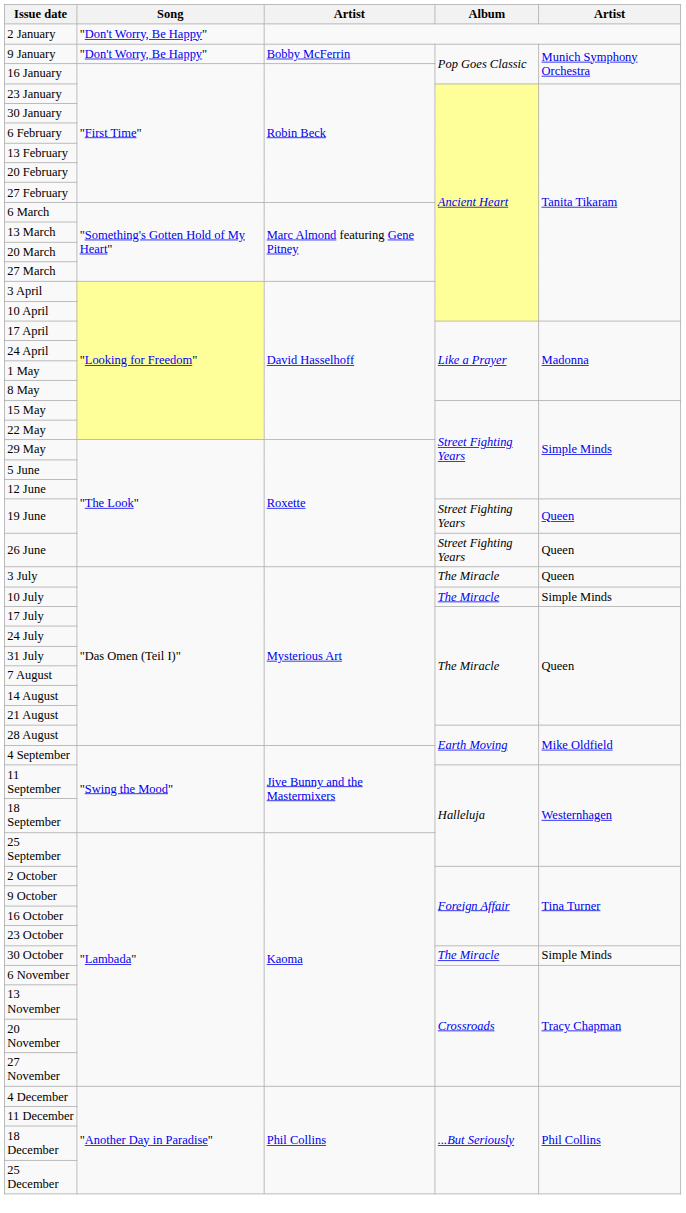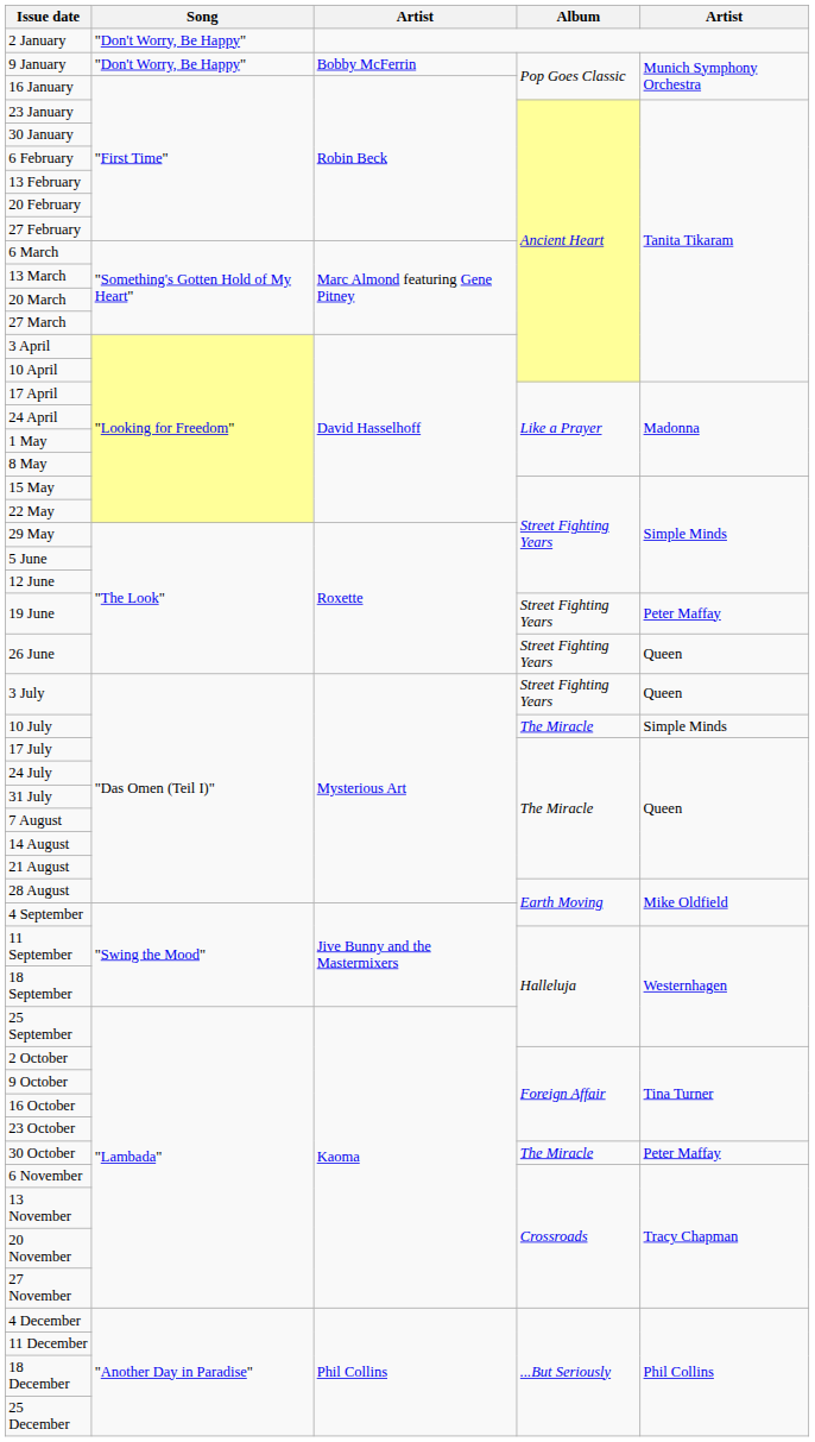 <table class="sortable wikitable">
 <tr>
 <th>Issue date</th>
 <th>Song</th>
 <th>Artist</th>
 <th>Album</th>
 <th>Artist</th>
 </tr>
 <tr>
 <td>2 January</td>
 <td>"<a href='#'>Don't Worry, Be Happy</a>"</td>
 </tr>
 <tr>
 <td>9 January</td>
 <td>"<a href='#'>Don't Worry, Be Happy</a>"</td>
 <td><a href='#'>Bobby McFerrin</a></td>
 <td rowspan="2"><em>Pop Goes Classic</em></td>
 <td rowspan="2"><a href='#'>Munich Symphony Orchestra</a></td>
 </tr>
 <tr>
 <td>16 January</td>
 <td rowspan="7">"<a href='#'>First Time</a>"</td>
 <td rowspan="7"><a href='#'>Robin Beck</a></td>
 </tr>
 <tr>
 <td>23 January</td>
 <td bgcolor=#FFFF99  rowspan="12"><em><a href='#'>Ancient Heart</a></em> </td>
 <td rowspan="12"><a href='#'>Tanita Tikaram</a></td>
 </tr>
 <tr>
 <td>30 January</td>
 </tr>
 <tr>
 <td>6 February</td>
 </tr>
 <tr>
 <td>13 February</td>
 </tr>
 <tr>
 <td>20 February</td>
 </tr>
 <tr>
 <td>27 February</td>
 </tr>
 <tr>
 <td>6 March</td>
 <td rowspan="4">"<a href='#'>Something's Gotten Hold of My Heart</a>"</td>
 <td rowspan="4"><a href='#'>Marc Almond</a> featuring <a href='#'>Gene Pitney</a></td>
 </tr>
 <tr>
 <td>13 March</td>
 </tr>
 <tr>
 <td>20 March</td>
 </tr>
 <tr>
 <td>27 March</td>
 </tr>
 <tr>
 <td>3 April</td>
 <td bgcolor=#FFFF99 rowspan="8">"<a href='#'>Looking for Freedom</a>" </td>
 <td rowspan="8"><a href='#'>David Hasselhoff</a></td>
 </tr>
 <tr>
 <td>10 April</td>
 </tr>
 <tr>
 <td>17 April</td>
 <td rowspan="4"><em><a href='#'>Like a Prayer</a></em></td>
 <td rowspan="4"><a href='#'>Madonna</a></td>
 </tr>
 <tr>
 <td>24 April</td>
 </tr>
 <tr>
 <td>1 May</td>
 </tr>
 <tr>
 <td>8 May</td>
 </tr>
 <tr>
 <td>15 May</td>
 <td rowspan="5"><em><a href='#'>Street Fighting Years</a></em></td>
 <td rowspan="5"><a href='#'>Simple Minds</a></td>
 </tr>
 <tr>
 <td>22 May</td>
 </tr>
 <tr>
 <td>29 May</td>
 <td rowspan="5">"<a href='#'>The Look</a>"</td>
 <td rowspan="5"><a href='#'>Roxette</a></td>
 </tr>
 <tr>
 <td>5 June</td>
 </tr>
 <tr>
 <td>12 June</td>
 </tr>
 <tr>
 <td>19 June</td>
 <td><em>Street Fighting Years</em></td>
-<td><a href='#'>Queen</a></td>
+<td><a href='#'>Peter Maffay</a></td>
 </tr>
 <tr>
 <td>26 June</td>
 <td><em>Street Fighting Years</em></td>
 <td>Queen</td>
 </tr>
 <tr>
 <td>3 July</td>
 <td rowspan="9">"Das Omen (Teil I)"</td>
 <td rowspan="9"><a href='#'>Mysterious Art</a></td>
-<td><em>The Miracle</em></td>
+<td><em>Street Fighting Years</em></td>
 <td>Queen</td>
 </tr>
 <tr>
 <td>10 July</td>
 <td><em><a href='#'>The Miracle</a></em></td>
 <td>Simple Minds</td>
 </tr>
 <tr>
 <td>17 July</td>
 <td rowspan="6"><em>The Miracle</em></td>
 <td rowspan="6">Queen</td>
 </tr>
 <tr>
 <td>24 July</td>
 </tr>
 <tr>
 <td>31 July</td>
 </tr>
 <tr>
 <td>7 August</td>
 </tr>
 <tr>
 <td>14 August</td>
 </tr>
 <tr>
 <td>21 August</td>
 </tr>
 <tr>
 <td>28 August</td>
 <td rowspan="2"><em><a href='#'>Earth Moving</a></em></td>
 <td rowspan="2"><a href='#'>Mike Oldfield</a></td>
 </tr>
 <tr>
 <td>4 September</td>
 <td rowspan="3">"<a href='#'>Swing the Mood</a>"</td>
 <td rowspan="3"><a href='#'>Jive Bunny and the Mastermixers</a></td>
 </tr>
 <tr>
 <td>11 September</td>
 <td rowspan="3"><em>Halleluja</em></td>
 <td rowspan="3"><a href='#'>Westernhagen</a></td>
 </tr>
 <tr>
 <td>18 September</td>
 </tr>
 <tr>
 <td>25 September</td>
 <td rowspan="10">"<a href='#'>Lambada</a>"</td>
 <td rowspan="10"><a href='#'>Kaoma</a></td>
 </tr>
 <tr>
 <td>2 October</td>
 <td rowspan="4"><em><a href='#'>Foreign Affair</a></em></td>
 <td rowspan="4"><a href='#'>Tina Turner</a></td>
 </tr>
 <tr>
 <td>9 October</td>
 </tr>
 <tr>
 <td>16 October</td>
 </tr>
 <tr>
 <td>23 October</td>
 </tr>
 <tr>
 <td>30 October</td>
 <td><em><a href='#'>The Miracle</a></em></td>
-<td>Simple Minds</td>
+<td><a href='#'>Peter Maffay</a></td>
 </tr>
 <tr>
 <td>6 November</td>
 <td rowspan="4"><em><a href='#'>Crossroads</a></em></td>
 <td rowspan="4"><a href='#'>Tracy Chapman</a></td>
 </tr>
 <tr>
 <td>13 November</td>
 </tr>
 <tr>
 <td>20 November</td>
 </tr>
 <tr>
 <td>27 November</td>
 </tr>
 <tr>
 <td>4 December</td>
 <td rowspan="4">"<a href='#'>Another Day in Paradise</a>"</td>
 <td rowspan="4"><a href='#'>Phil Collins</a></td>
 <td rowspan="4"><em><a href='#'>...But Seriously</a></em></td>
 <td rowspan="4"><a href='#'>Phil Collins</a></td>
 </tr>
 <tr>
 <td>11 December</td>
 </tr>
 <tr>
 <td>18 December</td>
 </tr>
 <tr>
 <td>25 December</td>
 </tr>
 </table>
